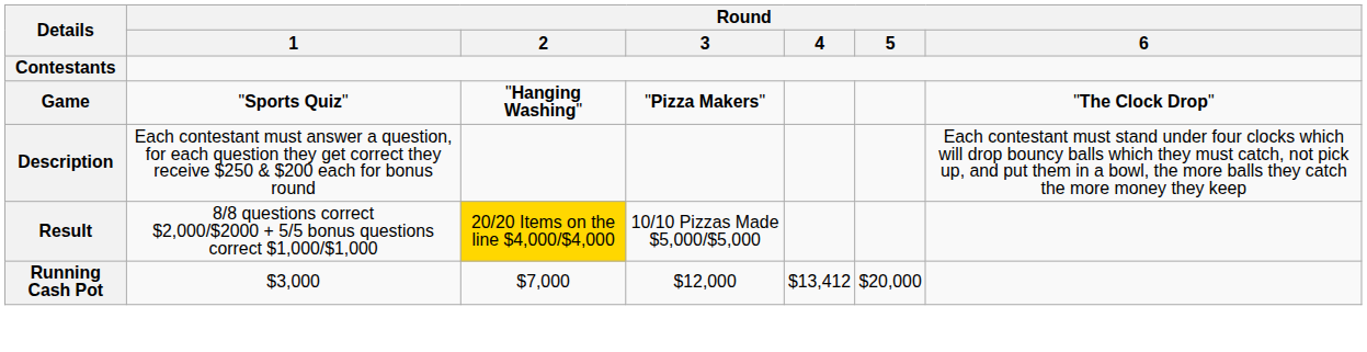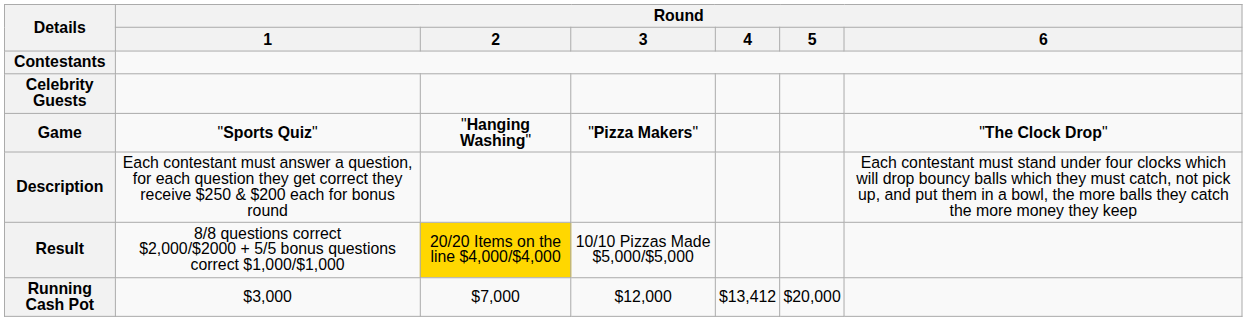 <table class="wikitable plainrowheaders" style="text-align:center; line-height:16px; width:99%;">
 <tr>
 <th rowspan="2">Details</th>
 <th colspan="6">Round</th>
 </tr>
 <tr>
 <th>1</th>
 <th>2</th>
 <th>3</th>
 <th>4</th>
 <th>5</th>
 <th>6</th>
 </tr>
 <tr>
 <th>Contestants</th>
 <td colspan="6"></td>
+</tr>
+<tr>
+<th>Celebrity Guests</th>
+<td></td>
+<td></td>
+<td></td>
+<td></td>
+<td></td>
+<td></td>
 </tr>
 <tr>
 <th>Game</th>
 <td>"<strong>Sports Quiz</strong>"</td>
 <td>"<strong>Hanging Washing</strong>"</td>
 <td>"<strong>Pizza Makers</strong>"</td>
 <td></td>
 <td></td>
 <td>"<strong>The Clock Drop</strong>"</td>
 </tr>
 <tr>
 <th>Description</th>
 <td>Each contestant must answer a question, for each question they get correct they receive $250 & $200 each for bonus round</td>
 <td></td>
 <td></td>
 <td></td>
 <td></td>
 <td>Each contestant must stand under four clocks which will drop bouncy balls which they must catch, not pick up, and put them in a bowl, the more balls they catch the more money they keep</td>
 </tr>
 <tr>
 <th>Result</th>
 <td>8/8 questions correct<br>$2,000/$2000 + 5/5 bonus questions correct $1,000/$1,000</td>
 <td style="background: gold;">20/20 Items on the line $4,000/$4,000</td>
 <td>10/10 Pizzas Made $5,000/$5,000</td>
 <td></td>
 <td></td>
 <td></td>
 </tr>
 <tr>
 <th>Running Cash Pot</th>
 <td>$3,000</td>
 <td>$7,000</td>
 <td>$12,000</td>
 <td>$13,412</td>
 <td>$20,000</td>
 <td></td>
 </tr>
 </table>
